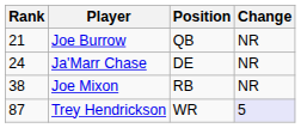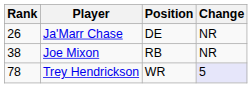 <table class="wikitable">
 <tr>
 <th>Rank</th>
 <th>Player</th>
 <th>Position</th>
 <th>Change</th>
 </tr>
 <tr>
-<td>21</td>
-<td><a href='#'>Joe Burrow</a></td>
-<td>QB</td>
-<td>NR</td>
-</tr>
-<tr>
-<td>24</td>
+<td>26</td>
 <td><a href='#'>Ja'Marr Chase</a></td>
 <td>DE</td>
 <td>NR</td>
 </tr>
 <tr>
 <td>38</td>
 <td><a href='#'>Joe Mixon</a></td>
 <td>RB</td>
 <td>NR</td>
 </tr>
 <tr>
-<td>87</td>
+<td>78</td>
 <td><a href='#'>Trey Hendrickson</a></td>
 <td>WR</td>
 <td style="background: lavender;"> 5</td>
 </tr>
 </table>
